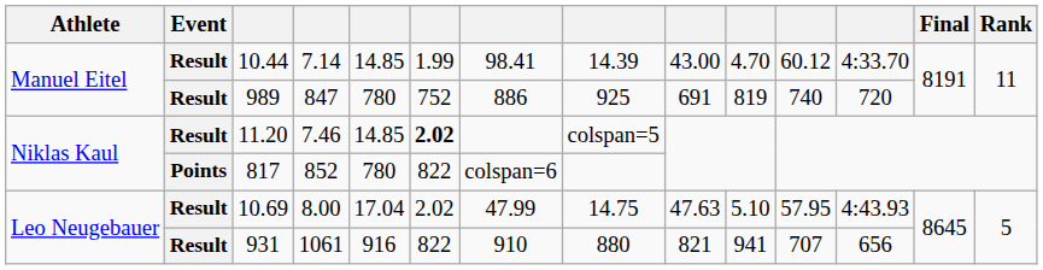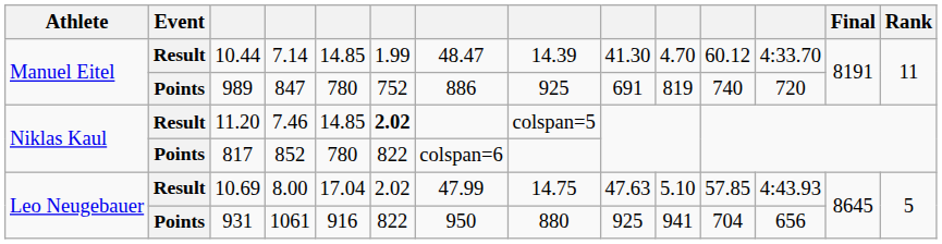 <table class=wikitable style=font-size:90%>
 <tr>
 <th>Athlete</th>
 <th>Event</th>
 <th></th>
 <th></th>
 <th></th>
 <th></th>
 <th></th>
 <th></th>
 <th></th>
 <th></th>
 <th></th>
 <th></th>
 <th>Final</th>
 <th>Rank</th>
 </tr>
 <tr align=center>
 <td rowspan=2 align=left><a href='#'>Manuel Eitel</a></td>
 <th style=font-size:95%>Result</th>
 <td>10.44</td>
 <td>7.14</td>
 <td>14.85</td>
 <td>1.99</td>
-<td>98.41</td>
+<td>48.47</td>
 <td>14.39</td>
-<td>43.00</td>
+<td>41.30</td>
 <td>4.70</td>
 <td>60.12</td>
 <td>4:33.70 </td>
 <td rowspan=2>8191</td>
 <td rowspan=2>11</td>
 </tr>
 <tr align=center>
-<th style=font-size:95%>Result</th>
+<th style=font-size:95%>Points</th>
 <td>989</td>
 <td>847</td>
 <td>780</td>
 <td>752</td>
 <td>886</td>
 <td>925</td>
 <td>691</td>
 <td>819</td>
 <td>740</td>
 <td>720</td>
 </tr>
 <tr align=center>
 <td rowspan=2 align=left><a href='#'>Niklas Kaul</a></td>
 <th style=font-size:95%>Result</th>
 <td>11.20 </td>
 <td>7.46</td>
 <td>14.85 </td>
 <td><strong>2.02</strong></td>
 <td></td>
 <td>colspan=5 </td>
 <td rowspan=2 colspan=2></td>
 </tr>
 <tr align=center>
 <th style=font-size:95%>Points</th>
 <td>817</td>
 <td>852</td>
 <td>780</td>
 <td>822</td>
 <td>colspan=6 </td>
 </tr>
 <tr align=center>
 <td rowspan=2 align=left><a href='#'>Leo Neugebauer</a></td>
 <th style=font-size:95%>Result</th>
 <td>10.69</td>
 <td>8.00 </td>
 <td>17.04 </td>
 <td>2.02</td>
 <td>47.99</td>
 <td>14.75</td>
 <td>47.63</td>
 <td>5.10</td>
-<td>57.95 </td>
+<td>57.85 </td>
 <td>4:43.93 </td>
 <td rowspan=2>8645</td>
 <td rowspan=2>5</td>
 </tr>
 <tr align=center>
-<th style=font-size:95%>Result</th>
+<th style=font-size:95%>Points</th>
 <td>931</td>
 <td>1061</td>
 <td>916</td>
 <td>822</td>
-<td>910</td>
+<td>950</td>
 <td>880</td>
-<td>821</td>
+<td>925</td>
 <td>941</td>
-<td>707</td>
+<td>704</td>
 <td>656</td>
 </tr>
 </table>
